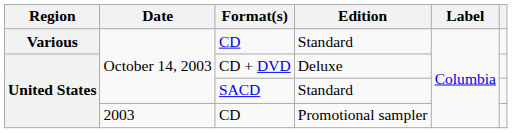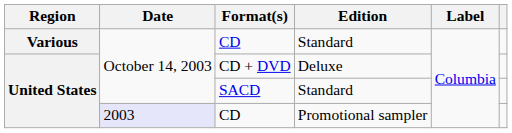 <table class="wikitable plainrowheaders">
 <tr>
 <th scope="col">Region</th>
 <th scope="col">Date</th>
 <th scope="col">Format(s)</th>
 <th scope="col">Edition</th>
 <th scope="col">Label</th>
 <th scope="col"></th>
 </tr>
 <tr>
 <th scope="row">Various</th>
 <td rowspan="3">October 14, 2003</td>
 <td><a href='#'>CD</a></td>
 <td>Standard</td>
 <td rowspan="4"><a href='#'>Columbia</a></td>
 <td></td>
 </tr>
 <tr>
 <th scope="row" rowspan="3">United States</th>
 <td>CD + <a href='#'>DVD</a></td>
 <td>Deluxe</td>
 <td></td>
 </tr>
 <tr>
 <td><a href='#'>SACD</a></td>
 <td>Standard</td>
 <td></td>
 </tr>
 <tr>
-<td>2003</td>
+<td style="background: lavender;">2003</td>
 <td>CD</td>
 <td>Promotional sampler</td>
 <td></td>
 </tr>
 </table>
